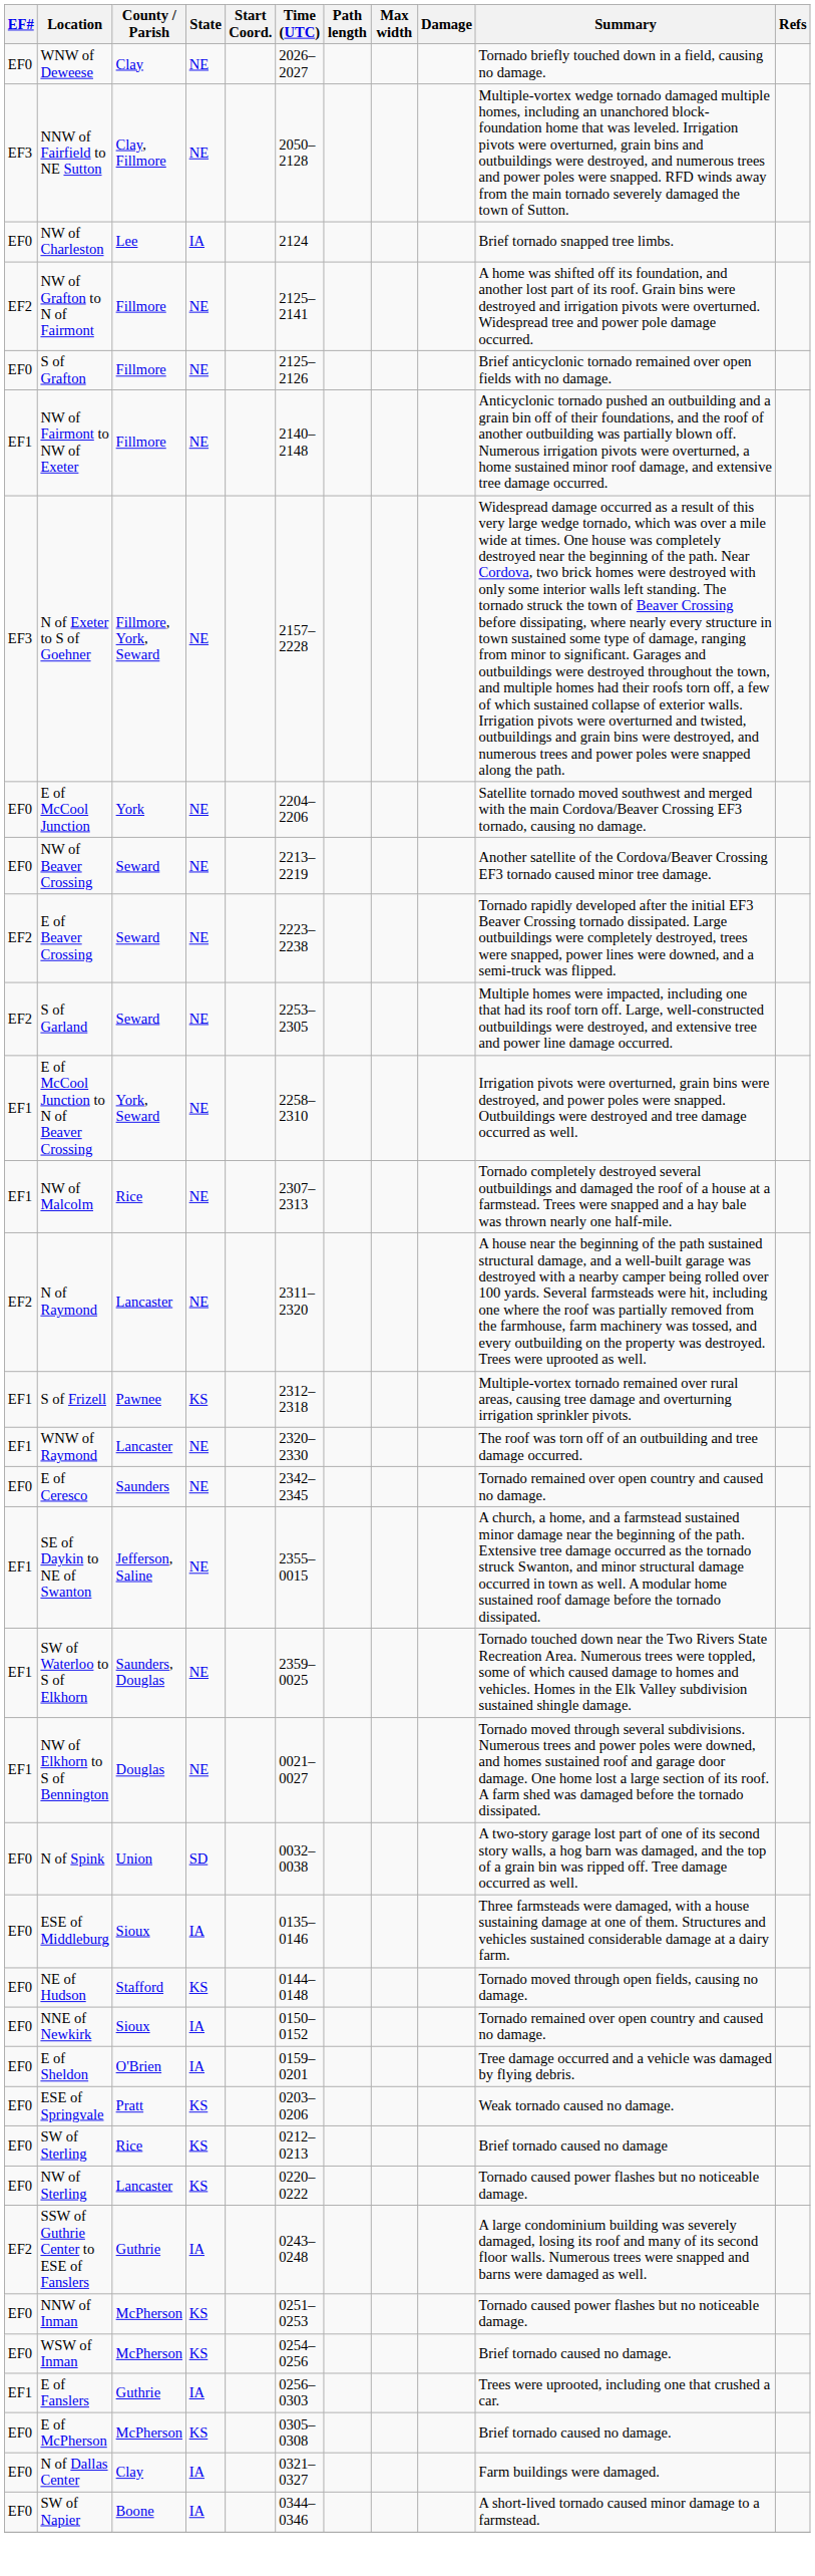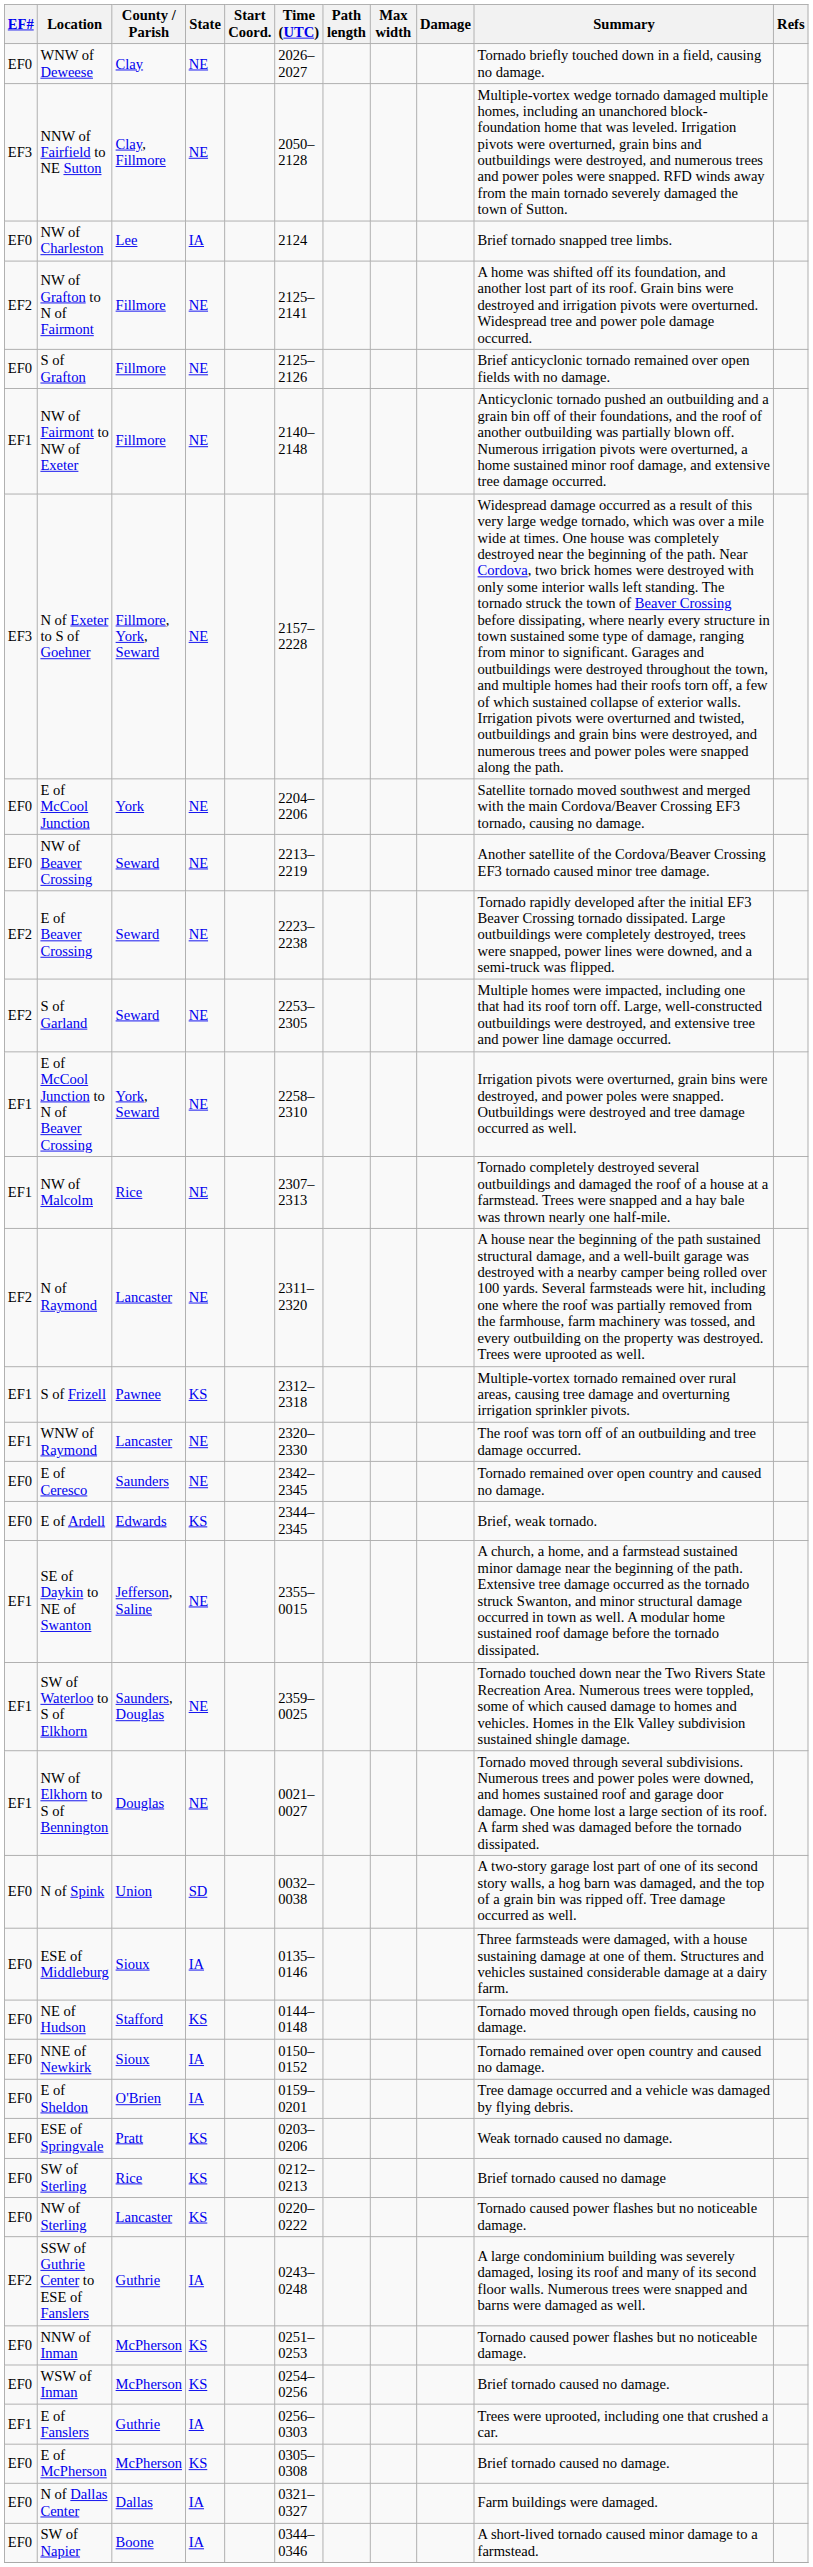 <table class="wikitable sortable" style="width:100%;">
 <tr>
 <th scope="col" width="3%" align="center"><a href='#'>EF#</a></th>
 <th scope="col" width="7%" align="center" class="unsortable">Location</th>
 <th scope="col" width="6%" align="center" class="unsortable">County / Parish</th>
 <th scope="col" width="5%" align="center">State</th>
 <th scope="col" width="6%" align="center">Start Coord.</th>
 <th scope="col" width="6%" align="center">Time (<a href='#'>UTC</a>)</th>
 <th scope="col" width="6%" align="center">Path length</th>
 <th scope="col" width="6%" align="center">Max width</th>
 <th scope="col" width="6%" align="center">Damage</th>
 <th scope="col" width="48%" class="unsortable" align="center">Summary</th>
 <th scope="col" width="48%" class="unsortable" align="center">Refs</th>
 </tr>
 <tr>
 <td>EF0</td>
 <td>WNW of <a href='#'>Deweese</a></td>
 <td><a href='#'>Clay</a></td>
 <td><a href='#'>NE</a></td>
 <td></td>
 <td>2026–2027</td>
 <td></td>
 <td></td>
 <td></td>
 <td>Tornado briefly touched down in a field, causing no damage.</td>
 <td></td>
 </tr>
 <tr>
 <td>EF3</td>
 <td>NNW of <a href='#'>Fairfield</a> to NE <a href='#'>Sutton</a></td>
 <td><a href='#'>Clay</a>, <a href='#'>Fillmore</a></td>
 <td><a href='#'>NE</a></td>
 <td></td>
 <td>2050–2128</td>
 <td></td>
 <td></td>
 <td></td>
 <td>Multiple-vortex wedge tornado damaged multiple homes, including an unanchored block-foundation home that was leveled. Irrigation pivots were overturned, grain bins and outbuildings were destroyed, and numerous trees and power poles were snapped. RFD winds away from the main tornado severely damaged the town of Sutton.</td>
 <td></td>
 </tr>
 <tr>
 <td>EF0</td>
 <td>NW of <a href='#'>Charleston</a></td>
 <td><a href='#'>Lee</a></td>
 <td><a href='#'>IA</a></td>
 <td></td>
 <td>2124</td>
 <td></td>
 <td></td>
 <td></td>
 <td>Brief tornado snapped tree limbs.</td>
 <td></td>
 </tr>
 <tr>
 <td>EF2</td>
 <td>NW of <a href='#'>Grafton</a> to N of <a href='#'>Fairmont</a></td>
 <td><a href='#'>Fillmore</a></td>
 <td><a href='#'>NE</a></td>
 <td></td>
 <td>2125–2141</td>
 <td></td>
 <td></td>
 <td></td>
 <td>A home was shifted  off its foundation, and another lost part of its roof. Grain bins were destroyed and irrigation pivots were overturned. Widespread tree and power pole damage occurred.</td>
 <td></td>
 </tr>
 <tr>
 <td>EF0</td>
 <td>S of <a href='#'>Grafton</a></td>
 <td><a href='#'>Fillmore</a></td>
 <td><a href='#'>NE</a></td>
 <td></td>
 <td>2125–2126</td>
 <td></td>
 <td></td>
 <td></td>
 <td>Brief anticyclonic tornado remained over open fields with no damage.</td>
 <td></td>
 </tr>
 <tr>
 <td>EF1</td>
 <td>NW of <a href='#'>Fairmont</a> to NW of <a href='#'>Exeter</a></td>
 <td><a href='#'>Fillmore</a></td>
 <td><a href='#'>NE</a></td>
 <td></td>
 <td>2140–2148</td>
 <td></td>
 <td></td>
 <td></td>
 <td>Anticyclonic tornado pushed an outbuilding and a grain bin off of their foundations, and the roof of another outbuilding was partially blown off.  Numerous irrigation pivots were overturned, a home sustained minor roof damage, and extensive tree damage occurred.</td>
 <td></td>
 </tr>
 <tr>
 <td>EF3</td>
 <td>N of <a href='#'>Exeter</a> to S of <a href='#'>Goehner</a></td>
 <td><a href='#'>Fillmore</a>, <a href='#'>York</a>, <a href='#'>Seward</a></td>
 <td><a href='#'>NE</a></td>
 <td></td>
 <td>2157–2228</td>
 <td></td>
 <td></td>
 <td></td>
 <td>Widespread damage occurred as a result of this very large wedge tornado, which was over a mile wide at times. One house was completely destroyed near the beginning of the path. Near <a href='#'>Cordova</a>, two brick homes were destroyed with only some interior walls left standing. The tornado struck the town of <a href='#'>Beaver Crossing</a> before dissipating, where nearly every structure in town sustained some type of damage, ranging from minor to significant. Garages and outbuildings were destroyed throughout the town, and multiple homes had their roofs torn off, a few of which sustained collapse of exterior walls. Irrigation pivots were overturned and twisted, outbuildings and grain bins were destroyed, and numerous trees and power poles were snapped along the path.</td>
 <td><br></td>
 </tr>
 <tr>
 <td>EF0</td>
 <td>E of <a href='#'>McCool Junction</a></td>
 <td><a href='#'>York</a></td>
 <td><a href='#'>NE</a></td>
 <td></td>
 <td>2204–2206</td>
 <td></td>
 <td></td>
 <td></td>
 <td>Satellite tornado moved southwest and merged with the main Cordova/Beaver Crossing EF3 tornado, causing no damage.</td>
 <td></td>
 </tr>
 <tr>
 <td>EF0</td>
 <td>NW of <a href='#'>Beaver Crossing</a></td>
 <td><a href='#'>Seward</a></td>
 <td><a href='#'>NE</a></td>
 <td></td>
 <td>2213–2219</td>
 <td></td>
 <td></td>
 <td></td>
 <td>Another satellite of the Cordova/Beaver Crossing EF3 tornado caused minor tree damage.</td>
 <td></td>
 </tr>
 <tr>
 <td>EF2</td>
 <td>E of <a href='#'>Beaver Crossing</a></td>
 <td><a href='#'>Seward</a></td>
 <td><a href='#'>NE</a></td>
 <td></td>
 <td>2223–2238</td>
 <td></td>
 <td></td>
 <td></td>
 <td>Tornado rapidly developed after the initial EF3 Beaver Crossing tornado dissipated. Large outbuildings were completely destroyed, trees were snapped, power lines were downed, and a semi-truck was flipped.</td>
 <td></td>
 </tr>
 <tr>
 <td>EF2</td>
 <td>S of <a href='#'>Garland</a></td>
 <td><a href='#'>Seward</a></td>
 <td><a href='#'>NE</a></td>
 <td></td>
 <td>2253–2305</td>
 <td></td>
 <td></td>
 <td></td>
 <td>Multiple homes were impacted, including one that had its roof torn off. Large, well-constructed outbuildings were destroyed, and extensive tree and power line damage occurred.</td>
 <td></td>
 </tr>
 <tr>
 <td>EF1</td>
 <td>E of <a href='#'>McCool Junction</a> to N of <a href='#'>Beaver Crossing</a></td>
 <td><a href='#'>York</a>, <a href='#'>Seward</a></td>
 <td><a href='#'>NE</a></td>
 <td></td>
 <td>2258–2310</td>
 <td></td>
 <td></td>
 <td></td>
 <td>Irrigation pivots were overturned, grain bins were destroyed, and power poles were snapped. Outbuildings were destroyed and tree damage occurred as well.</td>
 <td></td>
 </tr>
 <tr>
 <td>EF1</td>
 <td>NW of <a href='#'>Malcolm</a></td>
 <td><a href='#'>Rice</a></td>
 <td><a href='#'>NE</a></td>
 <td></td>
 <td>2307–2313</td>
 <td></td>
 <td></td>
 <td></td>
 <td>Tornado completely destroyed several outbuildings and damaged the roof of a house at a farmstead. Trees were snapped and a hay bale was thrown nearly one half-mile.</td>
 <td></td>
 </tr>
 <tr>
 <td>EF2</td>
 <td>N of <a href='#'>Raymond</a></td>
 <td><a href='#'>Lancaster</a></td>
 <td><a href='#'>NE</a></td>
 <td></td>
 <td>2311–2320</td>
 <td></td>
 <td></td>
 <td></td>
 <td>A house near the beginning of the path sustained structural damage, and a well-built garage was destroyed with a nearby camper being rolled over 100 yards. Several farmsteads were hit, including one where the roof was partially removed from the farmhouse, farm machinery was tossed, and every outbuilding on the property was destroyed. Trees were uprooted as well.</td>
 <td></td>
 </tr>
 <tr>
 <td>EF1</td>
 <td>S of <a href='#'>Frizell</a></td>
 <td><a href='#'>Pawnee</a></td>
 <td><a href='#'>KS</a></td>
 <td></td>
 <td>2312–2318</td>
 <td></td>
 <td></td>
 <td></td>
 <td>Multiple-vortex tornado remained over rural areas, causing tree damage and overturning irrigation sprinkler pivots.</td>
 <td></td>
 </tr>
 <tr>
 <td>EF1</td>
 <td>WNW of <a href='#'>Raymond</a></td>
 <td><a href='#'>Lancaster</a></td>
 <td><a href='#'>NE</a></td>
 <td></td>
 <td>2320–2330</td>
 <td></td>
 <td></td>
 <td></td>
 <td>The roof was torn off of an outbuilding and tree damage occurred.</td>
 <td></td>
 </tr>
 <tr>
 <td>EF0</td>
 <td>E of <a href='#'>Ceresco</a></td>
 <td><a href='#'>Saunders</a></td>
 <td><a href='#'>NE</a></td>
 <td></td>
 <td>2342–2345</td>
 <td></td>
 <td></td>
 <td></td>
 <td>Tornado remained over open country and caused no damage.</td>
 <td></td>
 </tr>
 <tr>
+<td>EF0</td>
+<td>E of <a href='#'>Ardell</a></td>
+<td><a href='#'>Edwards</a></td>
+<td><a href='#'>KS</a></td>
+<td></td>
+<td>2344–2345</td>
+<td></td>
+<td></td>
+<td></td>
+<td>Brief, weak tornado.</td>
+<td></td>
+</tr>
+<tr>
 <td>EF1</td>
 <td>SE of <a href='#'>Daykin</a> to NE of <a href='#'>Swanton</a></td>
 <td><a href='#'>Jefferson</a>, <a href='#'>Saline</a></td>
 <td><a href='#'>NE</a></td>
 <td></td>
 <td>2355–0015</td>
 <td></td>
 <td></td>
 <td></td>
 <td>A church, a home, and a farmstead sustained minor damage near the beginning of the path. Extensive tree damage occurred as the tornado struck Swanton, and minor structural damage occurred in town as well. A modular home sustained roof damage before the tornado dissipated.</td>
 <td></td>
 </tr>
 <tr>
 <td>EF1</td>
 <td>SW of <a href='#'>Waterloo</a> to S of <a href='#'>Elkhorn</a></td>
 <td><a href='#'>Saunders</a>, <a href='#'>Douglas</a></td>
 <td><a href='#'>NE</a></td>
 <td></td>
 <td>2359–0025</td>
 <td></td>
 <td></td>
 <td></td>
 <td>Tornado touched down near the Two Rivers State Recreation Area. Numerous trees were toppled, some of which caused damage to homes and vehicles. Homes in the Elk Valley subdivision sustained shingle damage.</td>
 <td></td>
 </tr>
 <tr>
 <td>EF1</td>
 <td>NW of <a href='#'>Elkhorn</a> to S of <a href='#'>Bennington</a></td>
 <td><a href='#'>Douglas</a></td>
 <td><a href='#'>NE</a></td>
 <td></td>
 <td>0021–0027</td>
 <td></td>
 <td></td>
 <td></td>
 <td>Tornado moved through several subdivisions. Numerous trees and power poles were downed, and homes sustained roof and garage door damage. One home lost a large section of its roof. A farm shed was damaged before the tornado dissipated.</td>
 <td></td>
 </tr>
 <tr>
 <td>EF0</td>
 <td>N of <a href='#'>Spink</a></td>
 <td><a href='#'>Union</a></td>
 <td><a href='#'>SD</a></td>
 <td></td>
 <td>0032–0038</td>
 <td></td>
 <td></td>
 <td></td>
 <td>A two-story garage lost part of one of its second story walls, a hog barn was damaged, and the top of a grain bin was ripped off. Tree damage occurred as well.</td>
 <td></td>
 </tr>
 <tr>
 <td>EF0</td>
 <td>ESE of <a href='#'>Middleburg</a></td>
 <td><a href='#'>Sioux</a></td>
 <td><a href='#'>IA</a></td>
 <td></td>
 <td>0135–0146</td>
 <td></td>
 <td></td>
 <td></td>
 <td>Three farmsteads were damaged, with a house sustaining damage at one of them. Structures and vehicles sustained considerable damage at a dairy farm.</td>
 <td></td>
 </tr>
 <tr>
 <td>EF0</td>
 <td>NE of <a href='#'>Hudson</a></td>
 <td><a href='#'>Stafford</a></td>
 <td><a href='#'>KS</a></td>
 <td></td>
 <td>0144–0148</td>
 <td></td>
 <td></td>
 <td></td>
 <td>Tornado moved through open fields, causing no damage.</td>
 <td></td>
 </tr>
 <tr>
 <td>EF0</td>
 <td>NNE of <a href='#'>Newkirk</a></td>
 <td><a href='#'>Sioux</a></td>
 <td><a href='#'>IA</a></td>
 <td></td>
 <td>0150–0152</td>
 <td></td>
 <td></td>
 <td></td>
 <td>Tornado remained over open country and caused no damage.</td>
 <td></td>
 </tr>
 <tr>
 <td>EF0</td>
 <td>E of <a href='#'>Sheldon</a></td>
 <td><a href='#'>O'Brien</a></td>
 <td><a href='#'>IA</a></td>
 <td></td>
 <td>0159–0201</td>
 <td></td>
 <td></td>
 <td></td>
 <td>Tree damage occurred and a vehicle was damaged by flying debris.</td>
 <td></td>
 </tr>
 <tr>
 <td>EF0</td>
 <td>ESE of <a href='#'>Springvale</a></td>
 <td><a href='#'>Pratt</a></td>
 <td><a href='#'>KS</a></td>
 <td></td>
 <td>0203–0206</td>
 <td></td>
 <td></td>
 <td></td>
 <td>Weak tornado caused no damage.</td>
 <td></td>
 </tr>
 <tr>
 <td>EF0</td>
 <td>SW of <a href='#'>Sterling</a></td>
 <td><a href='#'>Rice</a></td>
 <td><a href='#'>KS</a></td>
 <td></td>
 <td>0212–0213</td>
 <td></td>
 <td></td>
 <td></td>
 <td>Brief tornado caused no damage</td>
 <td></td>
 </tr>
 <tr>
 <td>EF0</td>
 <td>NW of <a href='#'>Sterling</a></td>
 <td><a href='#'>Lancaster</a></td>
 <td><a href='#'>KS</a></td>
 <td></td>
 <td>0220–0222</td>
 <td></td>
 <td></td>
 <td></td>
 <td>Tornado caused power flashes but no noticeable damage.</td>
 <td></td>
 </tr>
 <tr>
 <td>EF2</td>
 <td>SSW of <a href='#'>Guthrie Center</a> to ESE of <a href='#'>Fanslers</a></td>
 <td><a href='#'>Guthrie</a></td>
 <td><a href='#'>IA</a></td>
 <td></td>
 <td>0243–0248</td>
 <td></td>
 <td></td>
 <td></td>
 <td>A large condominium building was severely damaged, losing its roof and many of its second floor walls. Numerous trees were snapped and barns were damaged as well.</td>
 <td></td>
 </tr>
 <tr>
 <td>EF0</td>
 <td>NNW of <a href='#'>Inman</a></td>
 <td><a href='#'>McPherson</a></td>
 <td><a href='#'>KS</a></td>
 <td></td>
 <td>0251–0253</td>
 <td></td>
 <td></td>
 <td></td>
 <td>Tornado caused power flashes but no noticeable damage.</td>
 <td></td>
 </tr>
 <tr>
 <td>EF0</td>
 <td>WSW of <a href='#'>Inman</a></td>
 <td><a href='#'>McPherson</a></td>
 <td><a href='#'>KS</a></td>
 <td></td>
 <td>0254–0256</td>
 <td></td>
 <td></td>
 <td></td>
 <td>Brief tornado caused no damage.</td>
 <td></td>
 </tr>
 <tr>
 <td>EF1</td>
 <td>E of <a href='#'>Fanslers</a></td>
 <td><a href='#'>Guthrie</a></td>
 <td><a href='#'>IA</a></td>
 <td></td>
 <td>0256–0303</td>
 <td></td>
 <td></td>
 <td></td>
 <td>Trees were uprooted, including one that crushed a car.</td>
 <td></td>
 </tr>
 <tr>
 <td>EF0</td>
 <td>E of <a href='#'>McPherson</a></td>
 <td><a href='#'>McPherson</a></td>
 <td><a href='#'>KS</a></td>
 <td></td>
 <td>0305–0308</td>
 <td></td>
 <td></td>
 <td></td>
 <td>Brief tornado caused no damage.</td>
 <td></td>
 </tr>
 <tr>
 <td>EF0</td>
 <td>N of <a href='#'>Dallas Center</a></td>
-<td><a href='#'>Clay</a></td>
+<td><a href='#'>Dallas</a></td>
 <td><a href='#'>IA</a></td>
 <td></td>
 <td>0321–0327</td>
 <td></td>
 <td></td>
 <td></td>
 <td>Farm buildings were damaged.</td>
 <td></td>
 </tr>
 <tr>
 <td>EF0</td>
 <td>SW of <a href='#'>Napier</a></td>
 <td><a href='#'>Boone</a></td>
 <td><a href='#'>IA</a></td>
 <td></td>
 <td>0344–0346</td>
 <td></td>
 <td></td>
 <td></td>
 <td>A short-lived tornado caused minor damage to a farmstead.</td>
 <td></td>
 </tr>
 <tr>
 </tr>
 </table>
